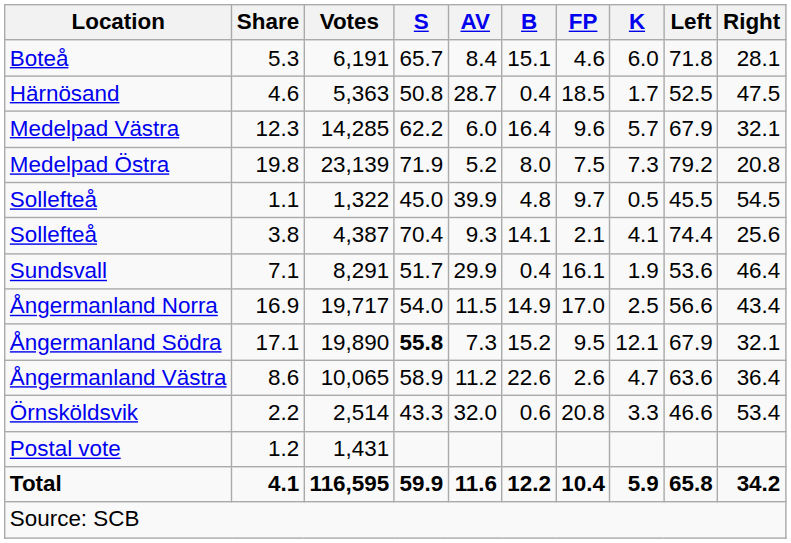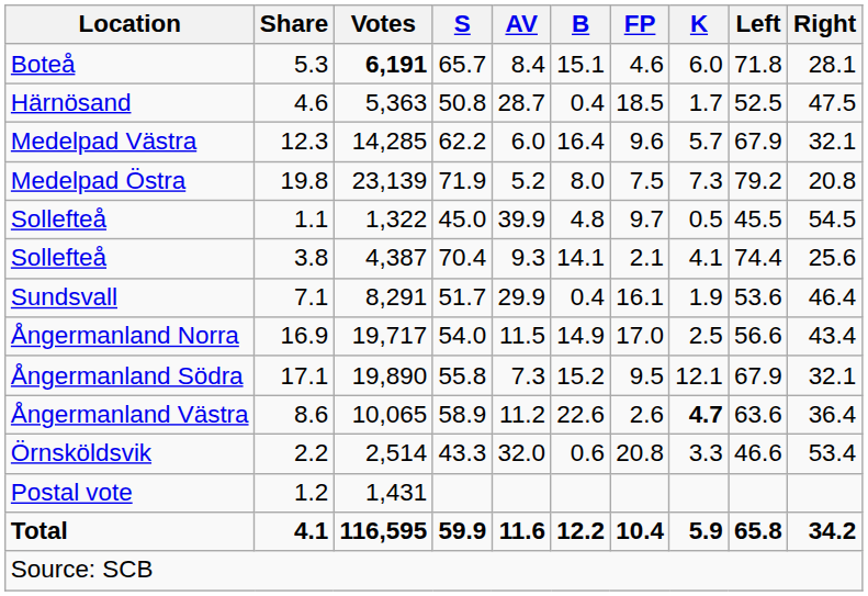 <table class="wikitable sortable" style=text-align:right>
 <tr>
 <th>Location</th>
 <th>Share</th>
 <th>Votes</th>
 <th><a href='#'>S</a></th>
 <th><a href='#'>AV</a></th>
 <th><a href='#'>B</a></th>
 <th><a href='#'>FP</a></th>
 <th><a href='#'>K</a></th>
 <th>Left</th>
 <th>Right</th>
 </tr>
 <tr>
 <td align=left><a href='#'>Boteå</a></td>
 <td>5.3</td>
-<td>6,191</td>
+<td><strong>6,191</strong></td>
 <td>65.7</td>
 <td>8.4</td>
 <td>15.1</td>
 <td>4.6</td>
 <td>6.0</td>
 <td>71.8</td>
 <td>28.1</td>
 </tr>
 <tr>
 <td align=left><a href='#'>Härnösand</a></td>
 <td>4.6</td>
 <td>5,363</td>
 <td>50.8</td>
 <td>28.7</td>
 <td>0.4</td>
 <td>18.5</td>
 <td>1.7</td>
 <td>52.5</td>
 <td>47.5</td>
 </tr>
 <tr>
 <td align=left><a href='#'>Medelpad Västra</a></td>
 <td>12.3</td>
 <td>14,285</td>
 <td>62.2</td>
 <td>6.0</td>
 <td>16.4</td>
 <td>9.6</td>
 <td>5.7</td>
 <td>67.9</td>
 <td>32.1</td>
 </tr>
 <tr>
 <td align=left><a href='#'>Medelpad Östra</a></td>
 <td>19.8</td>
 <td>23,139</td>
 <td>71.9</td>
 <td>5.2</td>
 <td>8.0</td>
 <td>7.5</td>
 <td>7.3</td>
 <td>79.2</td>
 <td>20.8</td>
 </tr>
 <tr>
 <td align=left><a href='#'>Sollefteå</a></td>
 <td>1.1</td>
 <td>1,322</td>
 <td>45.0</td>
 <td>39.9</td>
 <td>4.8</td>
 <td>9.7</td>
 <td>0.5</td>
 <td>45.5</td>
 <td>54.5</td>
 </tr>
 <tr>
 <td align=left><a href='#'>Sollefteå</a></td>
 <td>3.8</td>
 <td>4,387</td>
 <td>70.4</td>
 <td>9.3</td>
 <td>14.1</td>
 <td>2.1</td>
 <td>4.1</td>
 <td>74.4</td>
 <td>25.6</td>
 </tr>
 <tr>
 <td align=left><a href='#'>Sundsvall</a></td>
 <td>7.1</td>
 <td>8,291</td>
 <td>51.7</td>
 <td>29.9</td>
 <td>0.4</td>
 <td>16.1</td>
 <td>1.9</td>
 <td>53.6</td>
 <td>46.4</td>
 </tr>
 <tr>
 <td align=left><a href='#'>Ångermanland Norra</a></td>
 <td>16.9</td>
 <td>19,717</td>
 <td>54.0</td>
 <td>11.5</td>
 <td>14.9</td>
 <td>17.0</td>
 <td>2.5</td>
 <td>56.6</td>
 <td>43.4</td>
 </tr>
 <tr>
 <td align=left><a href='#'>Ångermanland Södra</a></td>
 <td>17.1</td>
 <td>19,890</td>
-<td><strong>55.8</strong></td>
+<td>55.8</td>
 <td>7.3</td>
 <td>15.2</td>
 <td>9.5</td>
 <td>12.1</td>
 <td>67.9</td>
 <td>32.1</td>
 </tr>
 <tr>
 <td align=left><a href='#'>Ångermanland Västra</a></td>
 <td>8.6</td>
 <td>10,065</td>
 <td>58.9</td>
 <td>11.2</td>
 <td>22.6</td>
 <td>2.6</td>
-<td>4.7</td>
+<td><strong>4.7</strong></td>
 <td>63.6</td>
 <td>36.4</td>
 </tr>
 <tr>
 <td align=left><a href='#'>Örnsköldsvik</a></td>
 <td>2.2</td>
 <td>2,514</td>
 <td>43.3</td>
 <td>32.0</td>
 <td>0.6</td>
 <td>20.8</td>
 <td>3.3</td>
 <td>46.6</td>
 <td>53.4</td>
 </tr>
 <tr>
 <td align=left><a href='#'>Postal vote</a></td>
 <td>1.2</td>
 <td>1,431</td>
 <td></td>
 <td></td>
 <td></td>
 <td></td>
 <td></td>
 <td></td>
 <td></td>
 </tr>
 <tr>
 <td align=left><strong>Total</strong></td>
 <td><strong>4.1</strong></td>
 <td><strong>116,595</strong></td>
 <td><strong>59.9</strong></td>
 <td><strong>11.6</strong></td>
 <td><strong>12.2</strong></td>
 <td><strong>10.4</strong></td>
 <td><strong>5.9</strong></td>
 <td><strong>65.8</strong></td>
 <td><strong>34.2</strong></td>
 </tr>
 <tr>
 <td align=left colspan=10>Source: SCB </td>
 </tr>
 </table>
